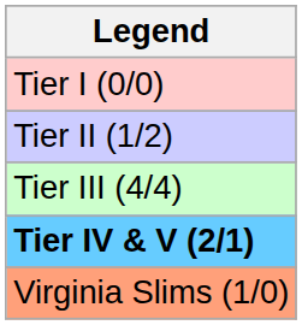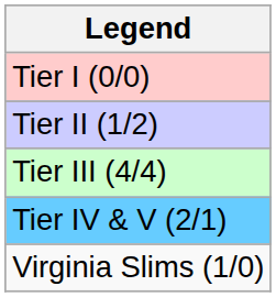 <table class="wikitable sortable">
 <tr>
 <th>Legend</th>
 </tr>
 <tr>
 <td bgcolor="#ffcccc">Tier I (0/0)</td>
 </tr>
 <tr>
 <td bgcolor="#ccccff">Tier II (1/2)</td>
 </tr>
 <tr>
 <td bgcolor="#CCFFCC">Tier III (4/4)</td>
 </tr>
 <tr>
-<td bgcolor="#66CCFF"><strong>Tier IV & V (2/1)</strong></td>
+<td bgcolor="#66CCFF">Tier IV & V (2/1)</td>
 </tr>
 <tr>
-<td style="background: lightsalmon;">Virginia Slims (1/0)</td>
+<td>Virginia Slims (1/0)</td>
 </tr>
 </table>
